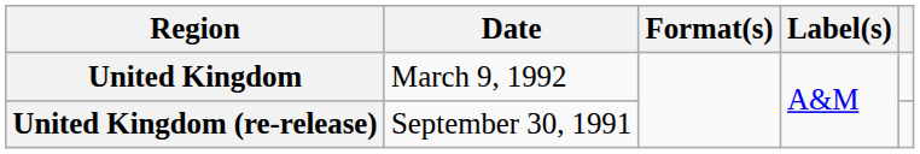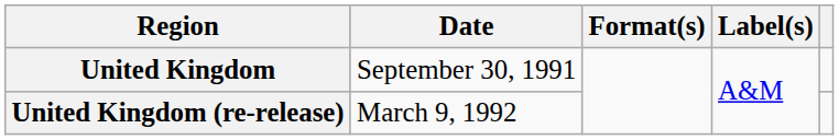 <table class="wikitable plainrowheaders">
 <tr>
 <th scope="col">Region</th>
 <th scope="col">Date</th>
 <th scope="col">Format(s)</th>
 <th scope="col">Label(s)</th>
 <th scope="col"></th>
 </tr>
 <tr>
 <th scope="row">United Kingdom</th>
-<td>March 9, 1992</td>
+<td>September 30, 1991</td>
 <td rowspan="2"></td>
 <td rowspan="2"><a href='#'>A&M</a></td>
 <td></td>
 </tr>
 <tr>
 <th scope="row">United Kingdom (re-release)</th>
-<td>September 30, 1991</td>
+<td>March 9, 1992</td>
 <td></td>
 </tr>
 </table>
